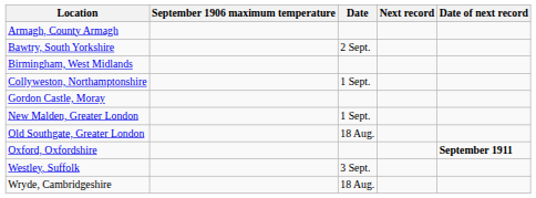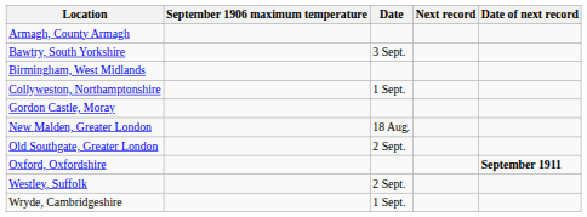 <table class="wikitable sortable" style="margin:auto;">
 <tr>
 <th>Location</th>
 <th>September 1906 maximum temperature</th>
 <th>Date</th>
 <th>Next record</th>
 <th>Date of next record</th>
 </tr>
 <tr>
 <td><a href='#'>Armagh, County Armagh</a></td>
 <td></td>
 <td></td>
 <td></td>
 </tr>
 <tr>
 <td><a href='#'>Bawtry, South Yorkshire</a></td>
 <td></td>
-<td>2 Sept.</td>
+<td>3 Sept.</td>
 <td></td>
 <td></td>
 </tr>
 <tr>
 <td><a href='#'>Birmingham, West Midlands</a></td>
 <td></td>
 <td></td>
 <td></td>
 <td></td>
 </tr>
 <tr>
 <td><a href='#'>Collyweston, Northamptonshire</a></td>
 <td></td>
 <td>1 Sept.</td>
 <td></td>
 <td></td>
 </tr>
 <tr>
 <td><a href='#'>Gordon Castle, Moray</a></td>
 <td></td>
 <td></td>
 <td></td>
 </tr>
 <tr>
 <td><a href='#'>New Malden, Greater London</a></td>
 <td></td>
-<td>1 Sept.</td>
+<td>18 Aug.</td>
 <td></td>
 <td></td>
 </tr>
 <tr>
 <td><a href='#'>Old Southgate, Greater London</a></td>
 <td></td>
-<td>18 Aug.</td>
+<td>2 Sept.</td>
 <td></td>
 <td></td>
 </tr>
 <tr>
 <td><a href='#'>Oxford, Oxfordshire</a></td>
 <td></td>
 <td></td>
 <td></td>
 <td><strong>September 1911</strong></td>
 </tr>
 <tr>
 <td><a href='#'>Westley, Suffolk</a></td>
 <td></td>
-<td>3 Sept.</td>
+<td>2 Sept.</td>
 <td></td>
 <td></td>
 </tr>
 <tr>
 <td>Wryde, Cambridgeshire</td>
 <td></td>
-<td>18 Aug.</td>
+<td>1 Sept.</td>
 <td></td>
 <td></td>
 </tr>
 </table>
